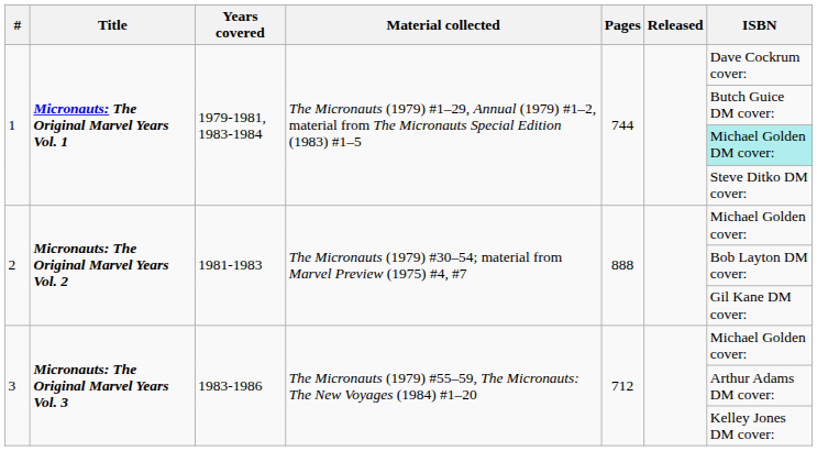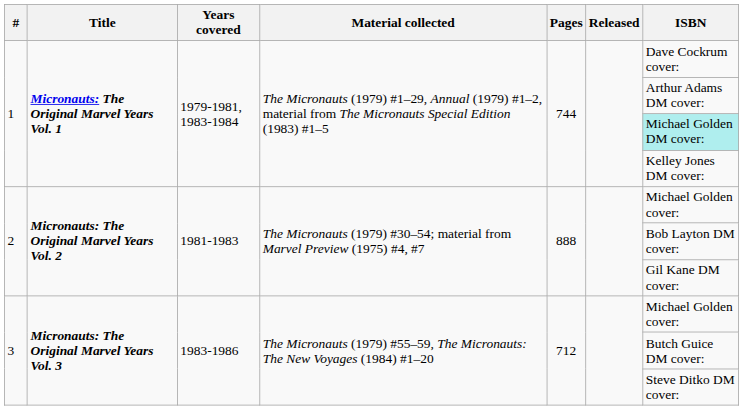 <table class="wikitable sortable" width="99%">
 <tr>
 <th class="unsortable" width="20px">#</th>
 <th>Title</th>
 <th>Years covered</th>
 <th class="unsortable">Material collected</th>
 <th>Pages</th>
 <th>Released</th>
 <th class="unsortable">ISBN</th>
 </tr>
 <tr>
 <td rowspan=4>1</td>
 <td rowspan=4><strong><em><a href='#'>Micronauts:</a> The Original Marvel Years Vol. 1</em></strong></td>
 <td rowspan=4>1979-1981, 1983-1984</td>
 <td rowspan=4><em>The Micronauts</em> (1979) #1–29, <em>Annual</em> (1979) #1–2, material from <em>The Micronauts Special Edition</em> (1983) #1–5</td>
 <td rowspan=4 style="text-align: center;">744</td>
 <td rowspan=4></td>
 <td>Dave Cockrum cover: </td>
 </tr>
 <tr>
-<td>Butch Guice DM cover: </td>
+<td>Arthur Adams DM cover: </td>
 </tr>
 <tr>
 <td style="background: paleturquoise;">Michael Golden DM cover: </td>
 </tr>
 <tr>
-<td>Steve Ditko DM cover: </td>
+<td>Kelley Jones DM cover: </td>
 </tr>
 <tr>
 <td rowspan=3>2</td>
 <td rowspan=3><strong><em>Micronauts: The Original Marvel Years Vol. 2</em></strong></td>
 <td rowspan=3>1981-1983</td>
 <td rowspan=3><em>The Micronauts</em> (1979) #30–54; material from <em>Marvel Preview</em> (1975) #4, #7</td>
 <td rowspan=3 style="text-align: center;">888</td>
 <td rowspan=3></td>
 <td>Michael Golden cover: </td>
 </tr>
 <tr>
 <td>Bob Layton DM cover: </td>
 </tr>
 <tr>
 <td>Gil Kane DM cover: </td>
 </tr>
 <tr>
 <td rowspan=3>3</td>
 <td rowspan=3><strong><em>Micronauts: The Original Marvel Years Vol. 3</em></strong></td>
 <td rowspan=3>1983-1986</td>
 <td rowspan=3><em>The Micronauts</em> (1979) #55–59, <em>The Micronauts: The New Voyages</em> (1984) #1–20</td>
 <td rowspan=3 style="text-align: center;">712</td>
 <td rowspan=3></td>
 <td>Michael Golden cover: </td>
 </tr>
 <tr>
-<td>Arthur Adams DM cover: </td>
+<td>Butch Guice DM cover: </td>
 </tr>
 <tr>
-<td>Kelley Jones DM cover: </td>
+<td>Steve Ditko DM cover: </td>
 </tr>
 </table>
